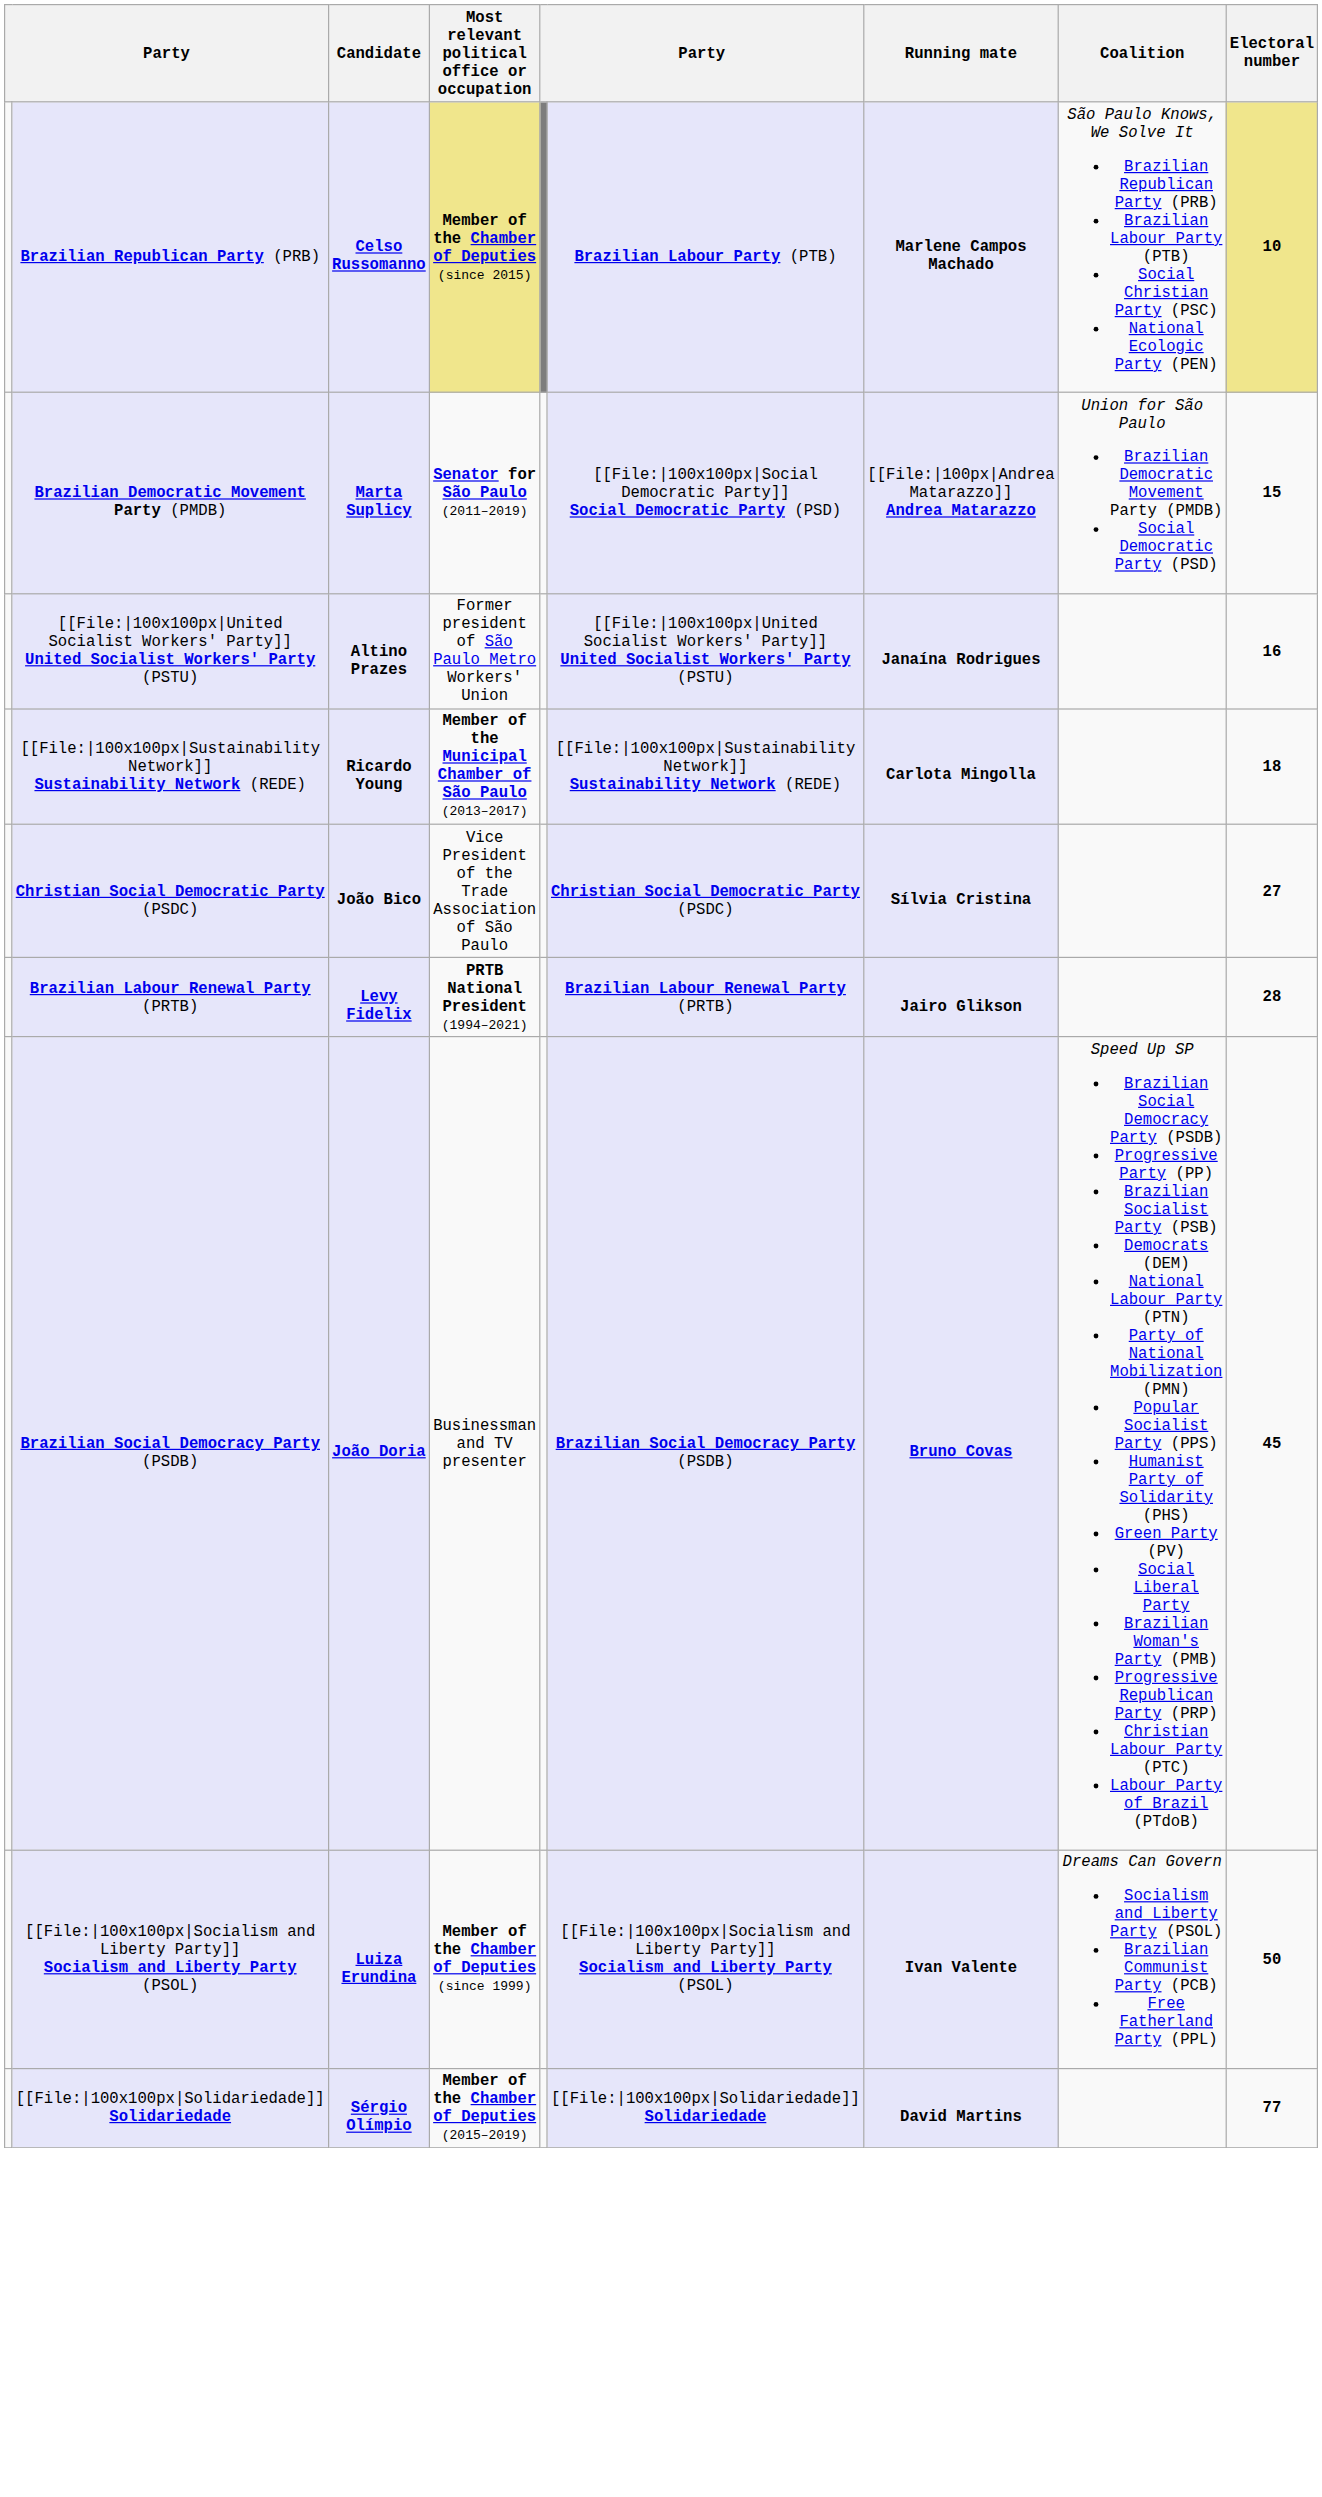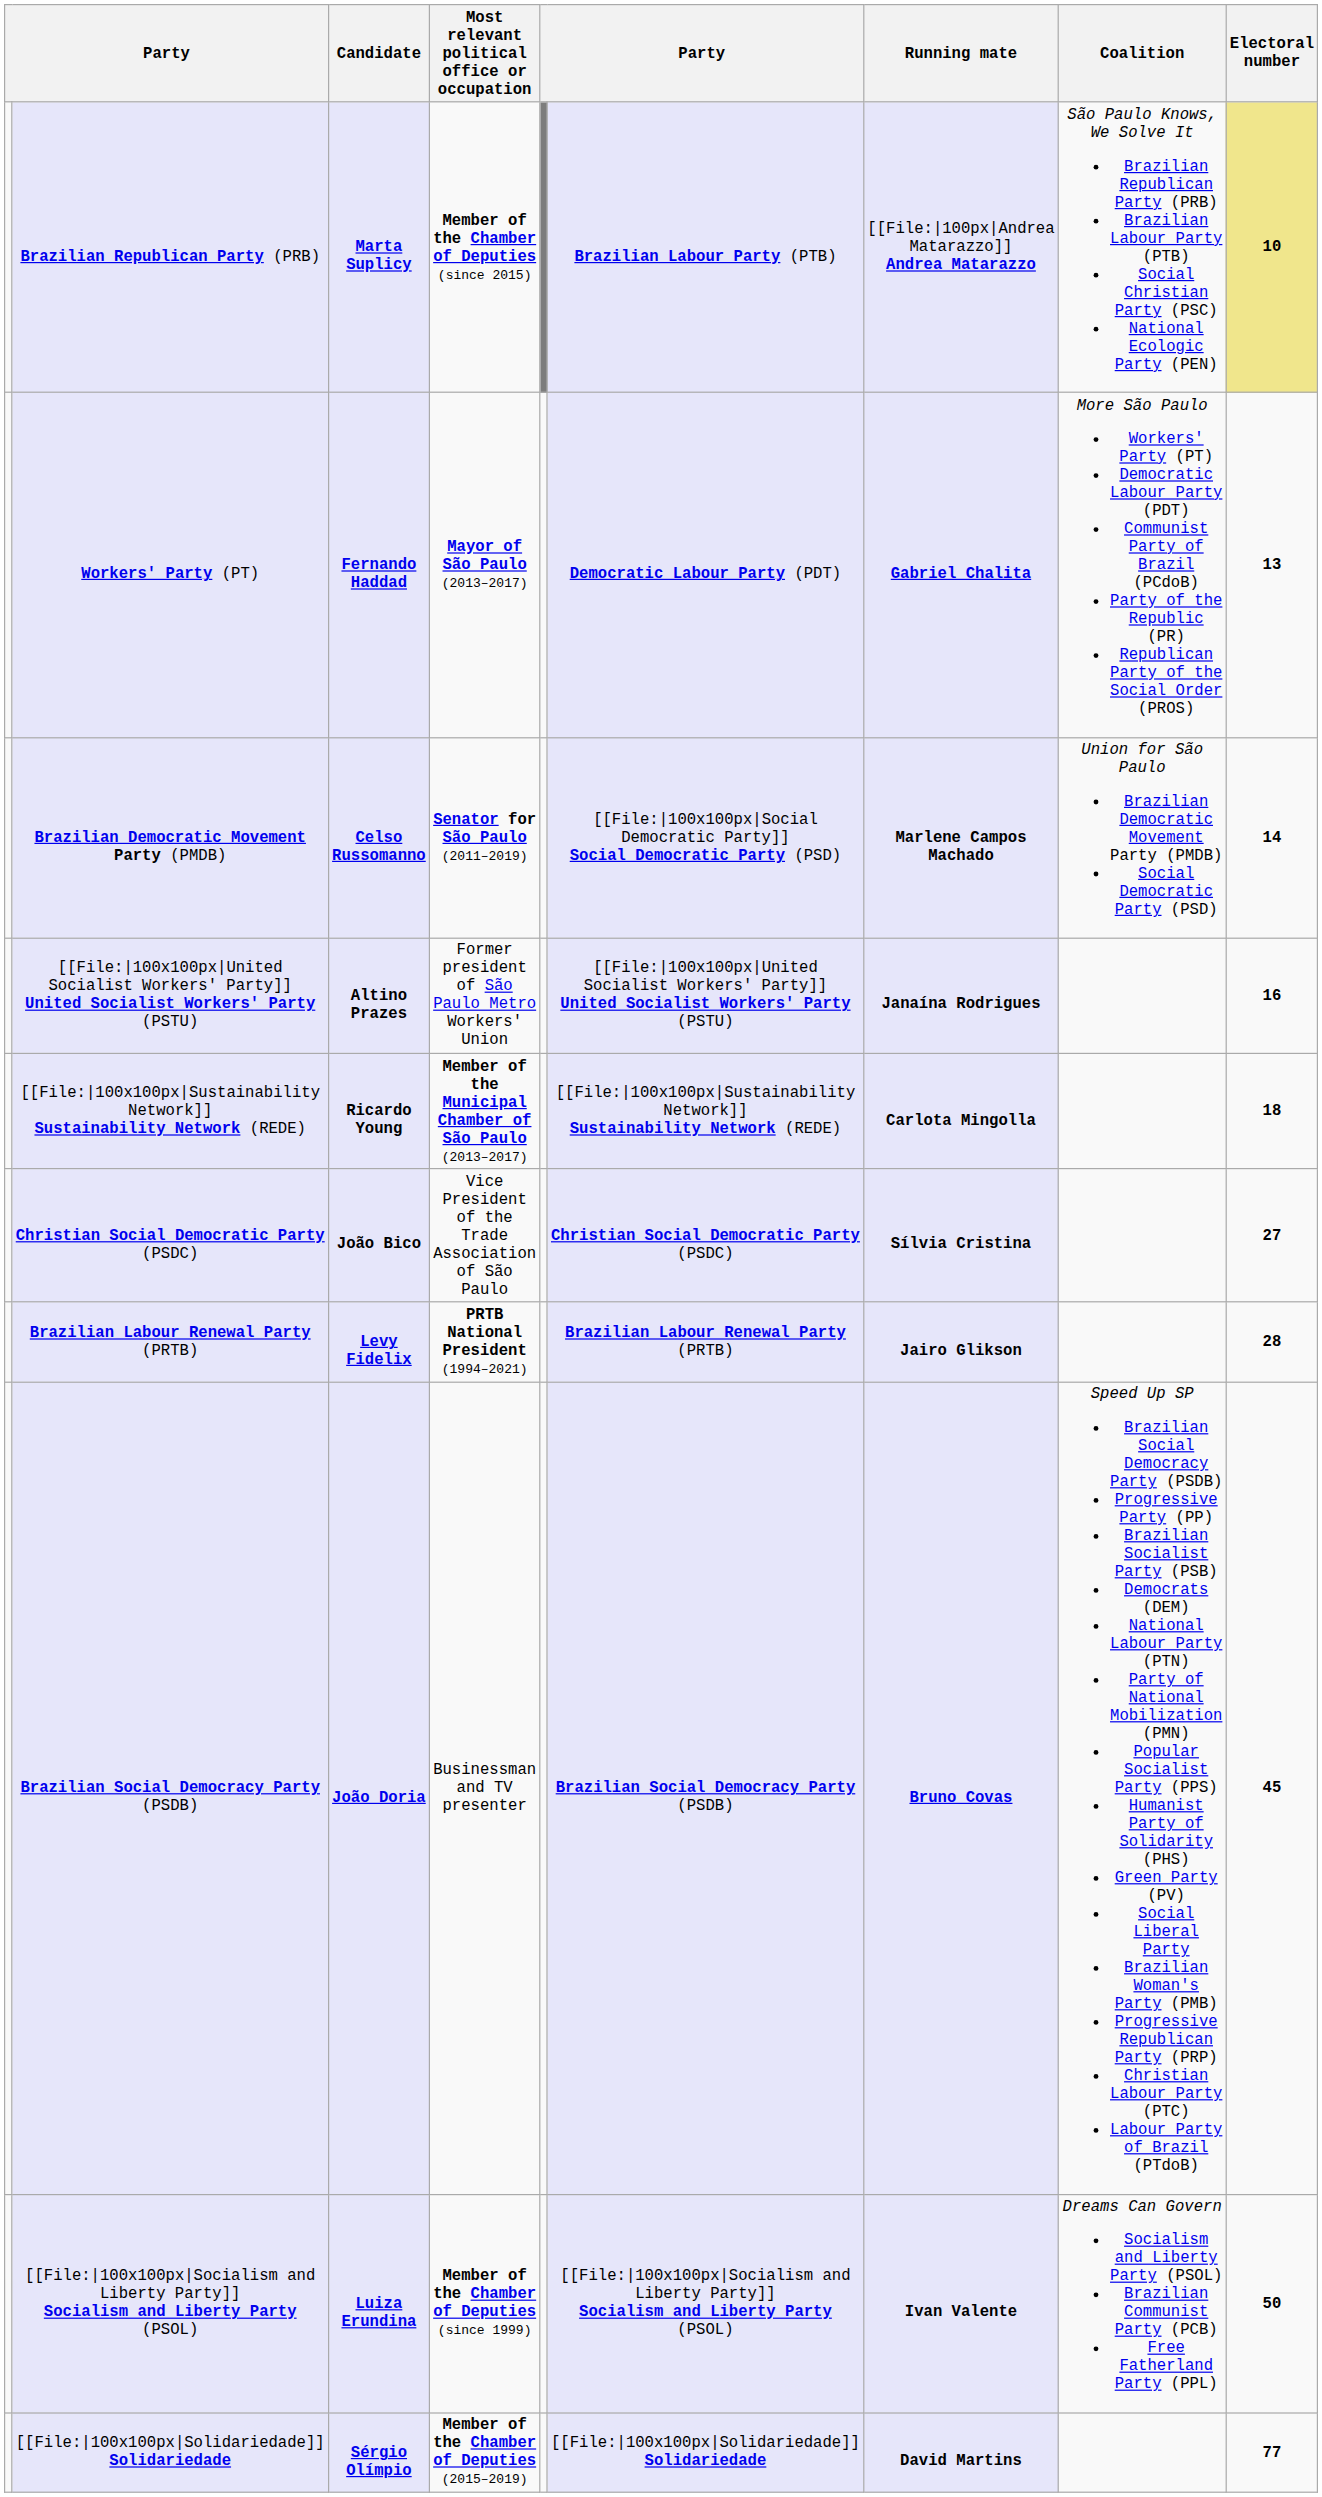 <table class="wikitable" style="text-align:center">
 <tr>
 <th colspan="2">Party</th>
 <th>Candidate</th>
 <th style="max-width:10em">Most relevant political office or occupation</th>
 <th colspan="2">Party</th>
 <th>Running mate</th>
 <th>Coalition</th>
 <th>Electoral number</th>
 </tr>
 <tr>
 <td style="background:"></td>
 <td style="background:lavender;" max-width:150px><br><strong><a href='#'>Brazilian Republican Party</a></strong> (PRB)</td>
-<td style="background:lavender;" max-width:150px><br><strong><a href='#'>Celso Russomanno</a></strong></td>
-<td style="background: khaki; max-width:10em"><strong>Member of the <a href='#'>Chamber of Deputies</a></strong><br><small>(since 2015)</small></td>
+<td style="background:lavender;" max-width:150px><br><strong><a href='#'>Marta Suplicy</a></strong></td>
+<td style="max-width:10em"><strong>Member of the <a href='#'>Chamber of Deputies</a></strong><br><small>(since 2015)</small></td>
 <td style="background:#7D7D7D;"></td>
 <td style="background:lavender;" max-width:150px><br><strong><a href='#'>Brazilian Labour Party</a></strong> (PTB)</td>
-<td style="background:lavender;" max-width:150px><br><strong>Marlene Campos Machado</strong></td>
+<td style="background:lavender;" max-width:150px>[[File:|100px|Andrea Matarazzo]]<br><strong><a href='#'>Andrea Matarazzo</a></strong></td>
 <td><em>São Paulo Knows, We Solve It</em><br><ul><li><a href='#'>Brazilian Republican Party</a> (PRB)</li><li><a href='#'>Brazilian Labour Party</a> (PTB)</li><li><a href='#'>Social Christian Party</a> (PSC)</li><li><a href='#'>National Ecologic Party</a> (PEN)</li></ul></td>
 <td style="background: khaki;"><strong>10</strong></td>
 </tr>
 <tr>
 <td style="background:"></td>
+<td style="background:lavender;" max-width:150px><br><strong><a href='#'>Workers' Party</a></strong> (PT)</td>
+<td style="background:lavender;" max-width:150px><br><strong><a href='#'>Fernando Haddad</a></strong></td>
+<td style="max-width:10em"><strong><a href='#'>Mayor of São Paulo</a></strong><br><small>(2013–2017)</small></td>
+<td style="background:"></td>
+<td style="background:lavender;" max-width:150px><br><strong><a href='#'>Democratic Labour Party</a></strong> (PDT)</td>
+<td style="background:lavender;" max-width:150px><br><strong><a href='#'>Gabriel Chalita</a></strong></td>
+<td><em>More São Paulo</em><br><ul><li><a href='#'>Workers' Party</a> (PT)</li><li><a href='#'>Democratic Labour Party</a> (PDT)</li><li><a href='#'>Communist Party of Brazil</a> (PCdoB)</li><li><a href='#'>Party of the Republic</a> (PR)</li><li><a href='#'>Republican Party of the Social Order</a> (PROS)</li></ul></td>
+<td><strong>13</strong></td>
+</tr>
+<tr>
+<td style="background:"></td>
 <td style="background:lavender;" max-width:150px><br><strong><a href='#'>Brazilian Democratic Movement</a> Party</strong> (PMDB)</td>
-<td style="background:lavender;" max-width:150px><br><strong><a href='#'>Marta Suplicy</a></strong></td>
+<td style="background:lavender;" max-width:150px><br><strong><a href='#'>Celso Russomanno</a></strong></td>
 <td style="max-width:10em"><strong><a href='#'>Senator</a> for <a href='#'>São Paulo</a></strong><br><small>(2011–2019)</small></td>
 <td style="background:"></td>
 <td style="background:lavender;" max-width:150px>[[File:|100x100px|Social Democratic Party]]<br><strong><a href='#'>Social Democratic Party</a></strong> (PSD)</td>
-<td style="background:lavender;" max-width:150px>[[File:|100px|Andrea Matarazzo]]<br><strong><a href='#'>Andrea Matarazzo</a></strong></td>
+<td style="background:lavender;" max-width:150px><br><strong>Marlene Campos Machado</strong></td>
 <td><em>Union for São Paulo</em><br><ul><li><a href='#'>Brazilian Democratic Movement</a> Party (PMDB)</li><li><a href='#'>Social Democratic Party</a> (PSD)</li></ul></td>
-<td><strong>15</strong></td>
+<td><strong>14</strong></td>
 </tr>
 <tr>
 <td style="background:"></td>
 <td style="background:lavender;" max-width:150px>[[File:|100x100px|United Socialist Workers' Party]]<br><strong><a href='#'>United Socialist Workers' Party</a></strong> (PSTU)</td>
 <td style="background:lavender;" max-width:150px><br><strong>Altino Prazes</strong></td>
 <td style="max-width:10em">Former president of <a href='#'>São Paulo Metro</a> Workers' Union</td>
 <td style="background:"></td>
 <td style="background:lavender;" max-width:150px>[[File:|100x100px|United Socialist Workers' Party]]<br><strong><a href='#'>United Socialist Workers' Party</a></strong> (PSTU)</td>
 <td style="background:lavender;" max-width:150px><br><strong>Janaína Rodrigues</strong></td>
 <td></td>
 <td><strong>16</strong></td>
 </tr>
 <tr>
 <td style="background:"></td>
 <td style="background:lavender;" max-width:150px>[[File:|100x100px|Sustainability Network]]<br><strong><a href='#'>Sustainability Network</a></strong> (REDE)</td>
 <td style="background:lavender;" max-width:150px><br><strong>Ricardo Young</strong></td>
 <td style="max-width:10em"><strong>Member of the <a href='#'>Municipal Chamber of São Paulo</a></strong><br><small>(2013–2017)</small></td>
 <td style="background:"></td>
 <td style="background:lavender;" max-width:150px>[[File:|100x100px|Sustainability Network]]<br><strong><a href='#'>Sustainability Network</a></strong> (REDE)</td>
 <td style="background:lavender;" max-width:150px><br><strong>Carlota Mingolla</strong></td>
 <td></td>
 <td><strong>18</strong></td>
 </tr>
 <tr>
 <td style="background:"></td>
 <td style="background:lavender;" max-width:150px><br><strong><a href='#'>Christian Social Democratic Party</a></strong> (PSDC)</td>
 <td style="background:lavender;" max-width:150px><br><strong>João Bico</strong></td>
 <td style="max-width:10em">Vice President of the Trade Association of São Paulo</td>
 <td style="background:"></td>
 <td style="background:lavender;" max-width:150px><br><strong><a href='#'>Christian Social Democratic Party</a></strong> (PSDC)</td>
 <td style="background:lavender;" max-width:150px><br><strong>Sílvia Cristina</strong></td>
 <td></td>
 <td><strong>27</strong></td>
 </tr>
 <tr>
 <td style="background:"></td>
 <td style="background:lavender;" max-width:150px><strong><a href='#'>Brazilian Labour Renewal Party</a></strong> (PRTB)</td>
 <td style="background:lavender;" max-width:150px><br><strong><a href='#'>Levy Fidelix</a></strong></td>
 <td style="max-width:10em"><strong>PRTB National President</strong><br><small>(1994–2021)</small></td>
 <td style="background:"></td>
 <td style="background:lavender;" max-width:150px><strong><a href='#'>Brazilian Labour Renewal Party</a></strong> (PRTB)</td>
 <td style="background:lavender;" max-width:150px><br><strong>Jairo Glikson</strong></td>
 <td></td>
 <td><strong>28</strong></td>
 </tr>
 <tr>
 <td style="background:"></td>
 <td style="background:lavender;" max-width:150px><br><strong><a href='#'>Brazilian Social Democracy Party</a></strong> (PSDB)</td>
 <td style="background:lavender;" max-width:150px><br><strong><a href='#'>João Doria</a></strong></td>
 <td style="max-width:10em">Businessman and TV presenter</td>
 <td style="background:"></td>
 <td style="background:lavender;" max-width:150px><br><strong><a href='#'>Brazilian Social Democracy Party</a></strong> (PSDB)</td>
 <td style="background:lavender;" max-width:150px><br><strong><a href='#'>Bruno Covas</a></strong></td>
 <td><em>Speed Up SP</em><br><ul><li><a href='#'>Brazilian Social Democracy Party</a> (PSDB)</li><li><a href='#'>Progressive Party</a> (PP)</li><li><a href='#'>Brazilian Socialist Party</a> (PSB)</li><li><a href='#'>Democrats</a> (DEM)</li><li><a href='#'>National Labour Party</a> (PTN)</li><li><a href='#'>Party of National Mobilization</a> (PMN)</li><li><a href='#'>Popular Socialist Party</a> (PPS)</li><li><a href='#'>Humanist Party of Solidarity</a> (PHS)</li><li><a href='#'>Green Party</a> (PV)</li><li><a href='#'>Social Liberal Party</a></li><li><a href='#'>Brazilian Woman's Party</a> (PMB)</li><li><a href='#'>Progressive Republican Party</a> (PRP)</li><li><a href='#'>Christian Labour Party</a> (PTC)</li><li><a href='#'>Labour Party of Brazil</a> (PTdoB)</li></ul></td>
 <td><strong>45</strong></td>
 </tr>
 <tr>
 <td style="background:"></td>
 <td style="background:lavender;" max-width:150px>[[File:|100x100px|Socialism and Liberty Party]]<br><strong><a href='#'>Socialism and Liberty Party</a></strong> (PSOL)</td>
 <td style="background:lavender;" max-width:150px><br><strong><a href='#'>Luiza Erundina</a></strong></td>
 <td style="max-width:10em"><strong>Member of the <a href='#'>Chamber of Deputies</a></strong><br><small>(since 1999)</small></td>
 <td style="background:"></td>
 <td style="background:lavender;" max-width:150px>[[File:|100x100px|Socialism and Liberty Party]]<br><strong><a href='#'>Socialism and Liberty Party</a></strong> (PSOL)</td>
 <td style="background:lavender;" max-width:150px><br><strong>Ivan Valente</strong></td>
 <td><em>Dreams Can Govern</em><br><ul><li><a href='#'>Socialism and Liberty Party</a> (PSOL)</li><li><a href='#'>Brazilian Communist Party</a> (PCB)</li><li><a href='#'>Free Fatherland Party</a> (PPL)</li></ul></td>
 <td><strong>50</strong></td>
 </tr>
 <tr>
 <td style="background:"></td>
 <td style="background:lavender;" max-width:150px>[[File:|100x100px|Solidariedade]]<br><strong><a href='#'>Solidariedade</a></strong></td>
 <td style="background:lavender;" max-width:150px><br><strong><a href='#'>Sérgio Olímpio</a></strong></td>
 <td style="max-width:10em"><strong>Member of the <a href='#'>Chamber of Deputies</a></strong><br><small>(2015–2019)</small></td>
 <td style="background:"></td>
 <td style="background:lavender;" max-width:150px>[[File:|100x100px|Solidariedade]]<br><strong><a href='#'>Solidariedade</a></strong></td>
 <td style="background:lavender;" max-width:150px><br><strong>David Martins</strong></td>
 <td></td>
 <td><strong>77</strong></td>
 </tr>
 </table>
